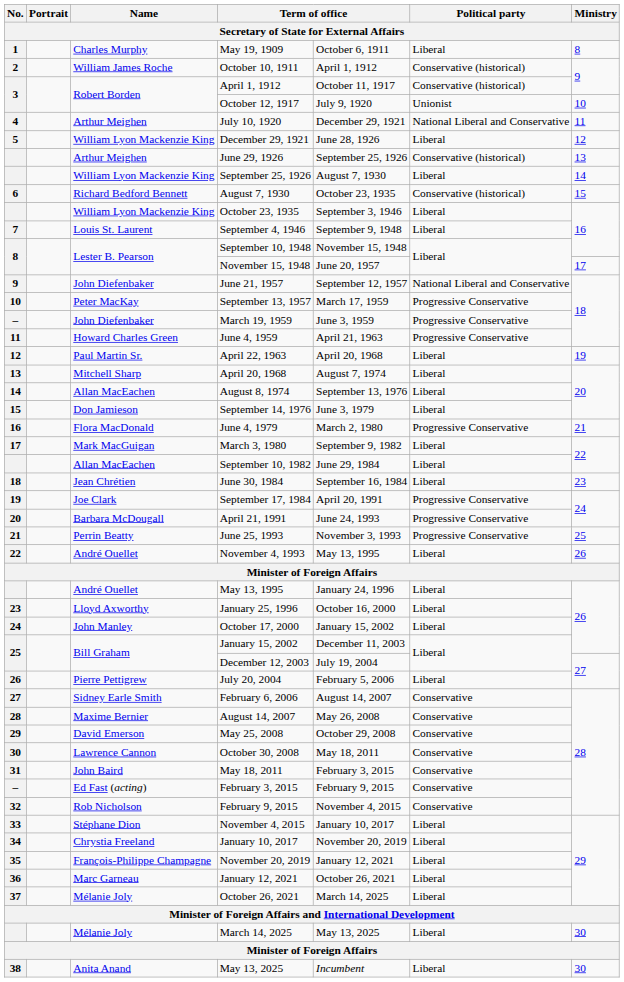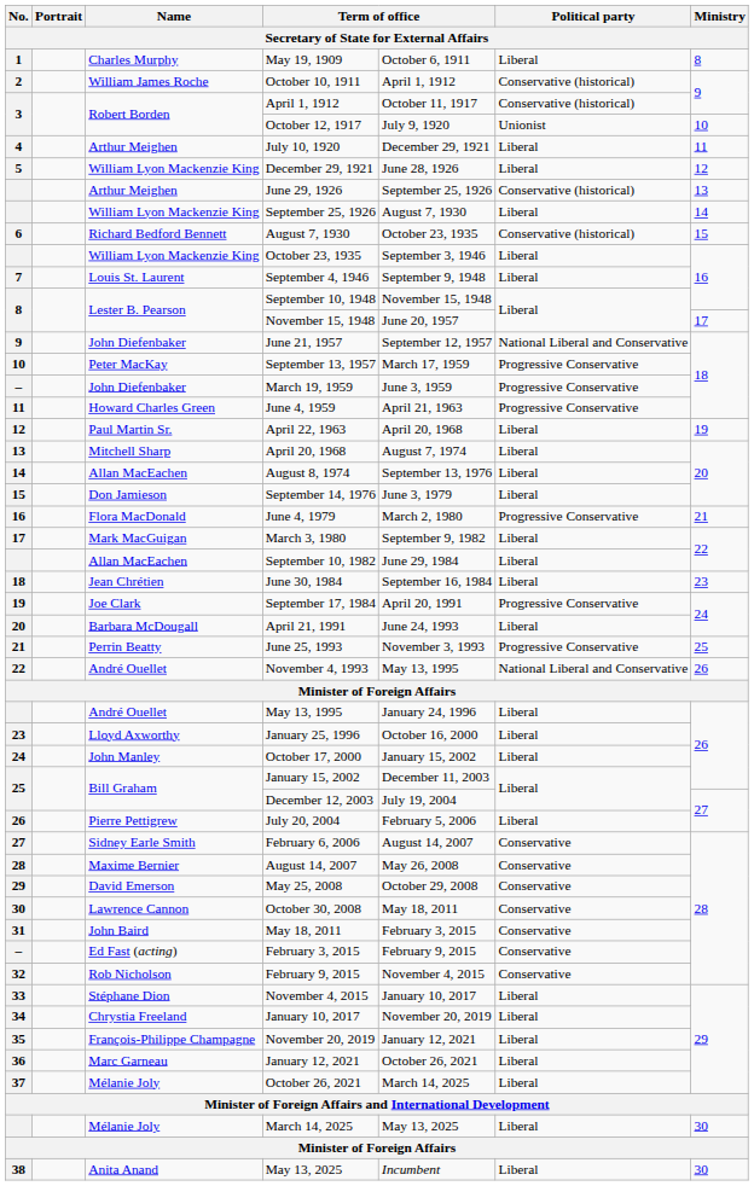 <table class="wikitable">
 <tr>
 <th>No.</th>
 <th>Portrait</th>
 <th>Name</th>
 <th colspan="2">Term of office</th>
 <th>Political party</th>
 <th>Ministry</th>
 </tr>
 <tr>
 <th colspan="7">Secretary of State for External Affairs</th>
 </tr>
 <tr>
 <th style="background:">1</th>
 <td></td>
 <td><a href='#'>Charles Murphy</a></td>
 <td>May 19, 1909</td>
 <td>October 6, 1911</td>
 <td>Liberal</td>
 <td><a href='#'>8</a> </td>
 </tr>
 <tr>
 <th style="background:">2</th>
 <td></td>
 <td><a href='#'>William James Roche</a></td>
 <td>October 10, 1911</td>
 <td>April 1, 1912</td>
 <td>Conservative (historical)</td>
 <td rowspan="2"><a href='#'>9</a> </td>
 </tr>
 <tr>
 <th rowspan="2" style="background:">3</th>
 <td rowspan="2"></td>
 <td rowspan="2"><a href='#'>Robert Borden</a></td>
 <td>April 1, 1912</td>
 <td>October 11, 1917</td>
 <td>Conservative (historical)</td>
 </tr>
 <tr>
 <td>October 12, 1917</td>
 <td>July 9, 1920</td>
 <td>Unionist</td>
 <td><a href='#'>10</a> </td>
 </tr>
 <tr>
 <th style="background:">4</th>
 <td></td>
 <td><a href='#'>Arthur Meighen</a><br></td>
 <td>July 10, 1920</td>
 <td>December 29, 1921</td>
-<td>National Liberal and Conservative</td>
+<td>Liberal</td>
 <td><a href='#'>11</a> </td>
 </tr>
 <tr>
 <th style="background:">5</th>
 <td></td>
 <td><a href='#'>William Lyon Mackenzie King</a><br></td>
 <td>December 29, 1921</td>
 <td>June 28, 1926</td>
 <td>Liberal</td>
 <td><a href='#'>12</a> </td>
 </tr>
 <tr>
 <th style="background:"></th>
 <td></td>
 <td><a href='#'>Arthur Meighen</a><br></td>
 <td>June 29, 1926</td>
 <td>September 25, 1926</td>
 <td>Conservative (historical)</td>
 <td><a href='#'>13</a> </td>
 </tr>
 <tr>
 <th style="background:"></th>
 <td></td>
 <td><a href='#'>William Lyon Mackenzie King</a><br></td>
 <td>September 25, 1926</td>
 <td>August 7, 1930</td>
 <td>Liberal</td>
 <td><a href='#'>14</a> </td>
 </tr>
 <tr>
 <th style="background:">6</th>
 <td></td>
 <td><a href='#'>Richard Bedford Bennett</a></td>
 <td>August 7, 1930</td>
 <td>October 23, 1935</td>
 <td>Conservative (historical)</td>
 <td><a href='#'>15</a> </td>
 </tr>
 <tr>
 <th style="background:"></th>
 <td></td>
 <td><a href='#'>William Lyon Mackenzie King</a><br></td>
 <td>October 23, 1935</td>
 <td>September 3, 1946</td>
 <td>Liberal</td>
 <td rowspan="3"><a href='#'>16</a> </td>
 </tr>
 <tr>
 <th style="background:">7</th>
 <td></td>
 <td><a href='#'>Louis St. Laurent</a></td>
 <td>September 4, 1946</td>
 <td>September 9, 1948</td>
 <td>Liberal</td>
 </tr>
 <tr>
 <th rowspan="2" style="background:">8</th>
 <td rowspan="2"></td>
 <td rowspan="2"><a href='#'>Lester B. Pearson</a></td>
 <td>September 10, 1948</td>
 <td>November 15, 1948</td>
 <td rowspan="2">Liberal</td>
 </tr>
 <tr>
 <td>November 15, 1948</td>
 <td>June 20, 1957</td>
 <td><a href='#'>17</a> </td>
 </tr>
 <tr>
 <th style="background:">9</th>
 <td></td>
 <td><a href='#'>John Diefenbaker</a></td>
 <td>June 21, 1957</td>
 <td>September 12, 1957</td>
 <td>National Liberal and Conservative</td>
 <td rowspan="4"><a href='#'>18</a> </td>
 </tr>
 <tr>
 <th style="background:">10</th>
 <td></td>
 <td><a href='#'>Peter MacKay</a></td>
 <td>September 13, 1957</td>
 <td>March 17, 1959</td>
 <td>Progressive Conservative</td>
 </tr>
 <tr>
 <th style="background:">–</th>
 <td></td>
 <td><a href='#'>John Diefenbaker</a><br></td>
 <td>March 19, 1959</td>
 <td>June 3, 1959</td>
 <td>Progressive Conservative</td>
 </tr>
 <tr>
 <th style="background:">11</th>
 <td></td>
 <td><a href='#'>Howard Charles Green</a></td>
 <td>June 4, 1959</td>
 <td>April 21, 1963</td>
 <td>Progressive Conservative</td>
 </tr>
 <tr>
 <th style="background:">12</th>
 <td></td>
 <td><a href='#'>Paul Martin Sr.</a></td>
 <td>April 22, 1963</td>
 <td>April 20, 1968</td>
 <td>Liberal</td>
 <td><a href='#'>19</a> </td>
 </tr>
 <tr>
 <th style="background:">13</th>
 <td></td>
 <td><a href='#'>Mitchell Sharp</a></td>
 <td>April 20, 1968</td>
 <td>August 7, 1974</td>
 <td>Liberal</td>
 <td rowspan="3"><a href='#'>20</a> </td>
 </tr>
 <tr>
 <th style="background:">14</th>
 <td></td>
 <td><a href='#'>Allan MacEachen</a><br></td>
 <td>August 8, 1974</td>
 <td>September 13, 1976</td>
 <td>Liberal</td>
 </tr>
 <tr>
 <th style="background:">15</th>
 <td></td>
 <td><a href='#'>Don Jamieson</a></td>
 <td>September 14, 1976</td>
 <td>June 3, 1979</td>
 <td>Liberal</td>
 </tr>
 <tr>
 <th style="background:">16</th>
 <td></td>
 <td><a href='#'>Flora MacDonald</a></td>
 <td>June 4, 1979</td>
 <td>March 2, 1980</td>
 <td>Progressive Conservative</td>
 <td><a href='#'>21</a> </td>
 </tr>
 <tr>
 <th style="background:">17</th>
 <td></td>
 <td><a href='#'>Mark MacGuigan</a></td>
 <td>March 3, 1980</td>
 <td>September 9, 1982</td>
 <td>Liberal</td>
 <td rowspan="2"><a href='#'>22</a> </td>
 </tr>
 <tr>
 <th style="background:"></th>
 <td></td>
 <td><a href='#'>Allan MacEachen</a><br></td>
 <td>September 10, 1982</td>
 <td>June 29, 1984</td>
 <td>Liberal</td>
 </tr>
 <tr>
 <th style="background:">18</th>
 <td></td>
 <td><a href='#'>Jean Chrétien</a></td>
 <td>June 30, 1984</td>
 <td>September 16, 1984</td>
 <td>Liberal</td>
 <td><a href='#'>23</a> </td>
 </tr>
 <tr>
 <th style="background:">19</th>
 <td></td>
 <td><a href='#'>Joe Clark</a></td>
 <td>September 17, 1984</td>
 <td>April 20, 1991</td>
 <td>Progressive Conservative</td>
 <td rowspan="2"><a href='#'>24</a> </td>
 </tr>
 <tr>
 <th style="background:">20</th>
 <td></td>
 <td><a href='#'>Barbara McDougall</a></td>
 <td>April 21, 1991</td>
 <td>June 24, 1993</td>
-<td>Progressive Conservative</td>
+<td>Liberal</td>
 </tr>
 <tr>
 <th style="background:">21</th>
 <td></td>
 <td><a href='#'>Perrin Beatty</a></td>
 <td>June 25, 1993</td>
 <td>November 3, 1993</td>
 <td>Progressive Conservative</td>
 <td><a href='#'>25</a> </td>
 </tr>
 <tr>
 <th style="background:">22</th>
 <td></td>
 <td><a href='#'>André Ouellet</a></td>
 <td>November 4, 1993</td>
 <td>May 13, 1995</td>
-<td>Liberal</td>
+<td>National Liberal and Conservative</td>
 <td><a href='#'>26</a> </td>
 </tr>
 <tr>
 <th colspan="7">Minister of Foreign Affairs</th>
 </tr>
 <tr>
 <th style="background:"></th>
 <td></td>
 <td><a href='#'>André Ouellet</a></td>
 <td>May 13, 1995</td>
 <td>January 24, 1996</td>
 <td>Liberal</td>
 <td rowspan="4"><a href='#'>26</a> </td>
 </tr>
 <tr>
 <th style="background:">23</th>
 <td></td>
 <td><a href='#'>Lloyd Axworthy</a></td>
 <td>January 25, 1996</td>
 <td>October 16, 2000</td>
 <td>Liberal</td>
 </tr>
 <tr>
 <th style="background:">24</th>
 <td></td>
 <td><a href='#'>John Manley</a></td>
 <td>October 17, 2000</td>
 <td>January 15, 2002</td>
 <td>Liberal</td>
 </tr>
 <tr>
 <th rowspan="2" style="background:">25</th>
 <td rowspan="2"></td>
 <td rowspan="2"><a href='#'>Bill Graham</a></td>
 <td>January 15, 2002</td>
 <td>December 11, 2003</td>
 <td rowspan="2">Liberal</td>
 </tr>
 <tr>
 <td>December 12, 2003</td>
 <td>July 19, 2004</td>
 <td rowspan="2"><a href='#'>27</a> </td>
 </tr>
 <tr>
 <th style="background:">26</th>
 <td></td>
 <td><a href='#'>Pierre Pettigrew</a></td>
 <td>July 20, 2004</td>
 <td>February 5, 2006</td>
 <td>Liberal</td>
 </tr>
 <tr>
 <th style="background:">27</th>
 <td></td>
 <td><a href='#'>Sidney Earle Smith</a></td>
 <td>February 6, 2006</td>
 <td>August 14, 2007</td>
 <td>Conservative</td>
 <td rowspan="7"><a href='#'>28</a> </td>
 </tr>
 <tr>
 <th style="background:">28</th>
 <td></td>
 <td><a href='#'>Maxime Bernier</a></td>
 <td>August 14, 2007</td>
 <td>May 26, 2008</td>
 <td>Conservative</td>
 </tr>
 <tr>
 <th style="background:">29</th>
 <td></td>
 <td><a href='#'>David Emerson</a><br></td>
 <td>May 25, 2008</td>
 <td>October 29, 2008</td>
 <td>Conservative</td>
 </tr>
 <tr>
 <th style="background:">30</th>
 <td></td>
 <td><a href='#'>Lawrence Cannon</a></td>
 <td>October 30, 2008</td>
 <td>May 18, 2011</td>
 <td>Conservative</td>
 </tr>
 <tr>
 <th style="background:">31</th>
 <td></td>
 <td><a href='#'>John Baird</a></td>
 <td>May 18, 2011</td>
 <td>February 3, 2015</td>
 <td>Conservative</td>
 </tr>
 <tr>
 <th style="background:">–</th>
 <td></td>
 <td><a href='#'>Ed Fast</a> (<em>acting</em>)</td>
 <td>February 3, 2015</td>
 <td>February 9, 2015</td>
 <td>Conservative</td>
 </tr>
 <tr>
 <th style="background:">32</th>
 <td></td>
 <td><a href='#'>Rob Nicholson</a></td>
 <td>February 9, 2015</td>
 <td>November 4, 2015</td>
 <td>Conservative</td>
 </tr>
 <tr>
 <th style="background:">33</th>
 <td></td>
 <td><a href='#'>Stéphane Dion</a></td>
 <td>November 4, 2015</td>
 <td>January 10, 2017</td>
 <td>Liberal</td>
 <td rowspan="5"><a href='#'>29</a> </td>
 </tr>
 <tr>
 <th style="background:">34</th>
 <td></td>
 <td><a href='#'>Chrystia Freeland</a></td>
 <td>January 10, 2017</td>
 <td>November 20, 2019</td>
 <td>Liberal</td>
 </tr>
 <tr>
 <th style="background:">35</th>
 <td></td>
 <td><a href='#'>François-Philippe Champagne</a></td>
 <td>November 20, 2019</td>
 <td>January 12, 2021</td>
 <td>Liberal</td>
 </tr>
 <tr>
 <th style="background:">36</th>
 <td></td>
 <td><a href='#'>Marc Garneau</a></td>
 <td>January 12, 2021</td>
 <td>October 26, 2021</td>
 <td>Liberal</td>
 </tr>
 <tr>
 <th style="background:">37</th>
 <td></td>
 <td><a href='#'>Mélanie Joly</a></td>
 <td>October 26, 2021</td>
 <td>March 14, 2025</td>
 <td>Liberal</td>
 </tr>
 <tr>
 <th colspan="7">Minister of Foreign Affairs and <a href='#'>International Development</a></th>
 </tr>
 <tr>
 <th style="background:"></th>
 <td></td>
 <td><a href='#'>Mélanie Joly</a></td>
 <td>March 14, 2025</td>
 <td>May 13, 2025</td>
 <td>Liberal</td>
 <td rowspan="1"><a href='#'>30</a> </td>
 </tr>
 <tr>
 <th colspan="7">Minister of Foreign Affairs</th>
 </tr>
 <tr>
 <th style="background:">38</th>
 <td></td>
 <td><a href='#'>Anita Anand</a></td>
 <td>May 13, 2025</td>
 <td><em>Incumbent</em></td>
 <td>Liberal</td>
 <td rowspan="1"><a href='#'>30</a> </td>
 </tr>
 </table>
